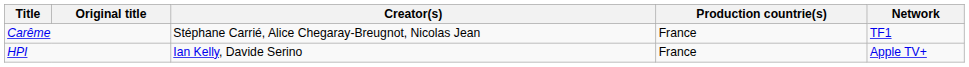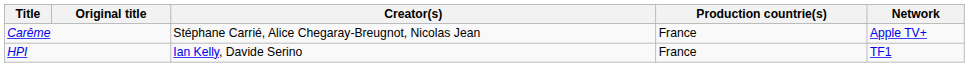 <table class="sortable wikitable" style="width:100%; margin-bottom:4px">
 <tr>
 <th>Title</th>
 <th>Original title</th>
 <th>Creator(s)</th>
 <th>Production countrie(s)</th>
 <th>Network</th>
 </tr>
 <tr>
 <td colspan="2"><em><a href='#'>Carême</a></em> </td>
 <td>Stéphane Carrié, Alice Chegaray-Breugnot, Nicolas Jean</td>
 <td>France</td>
-<td><a href='#'>TF1</a></td>
+<td><a href='#'>Apple TV+</a></td>
 </tr>
 <tr>
 <td colspan="2"><em><a href='#'>HPI</a></em> </td>
 <td><a href='#'>Ian Kelly</a>, Davide Serino</td>
 <td>France</td>
-<td><a href='#'>Apple TV+</a></td>
+<td><a href='#'>TF1</a></td>
 </tr>
 </table>
